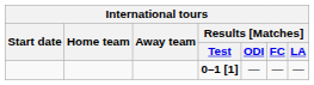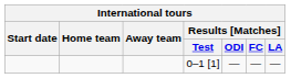 <table class="wikitable">
 <tr>
 <th colspan="7">International tours</th>
 </tr>
 <tr>
 <th rowspan="2">Start date</th>
 <th rowspan="2">Home team</th>
 <th rowspan="2">Away team</th>
 <th colspan="4">Results [Matches]</th>
 </tr>
 <tr>
 <th><a href='#'>Test</a></th>
 <th><a href='#'>ODI</a></th>
 <th><a href='#'>FC</a></th>
 <th><a href='#'>LA</a></th>
 </tr>
 <tr>
 <td><a href='#'></a></td>
 <td></td>
 <td></td>
-<td><strong>0–1 [1]</strong></td>
+<td>0–1 [1]</td>
 <td ; style="text-align:center">—</td>
 <td ; style="text-align:center">—</td>
 <td ; style="text-align:center">—</td>
 </tr>
 </table>
